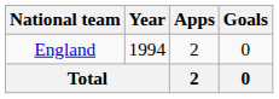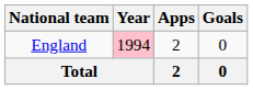 <table class=wikitable style="text-align: center">
 <tr>
 <th>National team</th>
 <th>Year</th>
 <th>Apps</th>
 <th>Goals</th>
 </tr>
 <tr>
 <td><a href='#'>England</a></td>
-<td>1994</td>
+<td style="background: pink;">1994</td>
 <td>2</td>
 <td>0</td>
 </tr>
 <tr>
 <th colspan=2>Total</th>
 <th>2</th>
 <th>0</th>
 </tr>
 </table>
